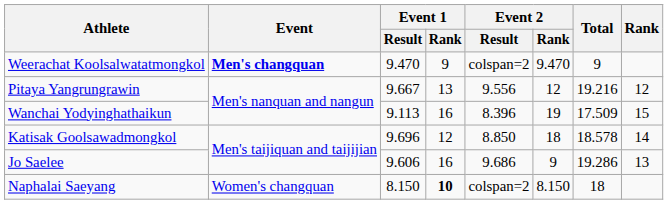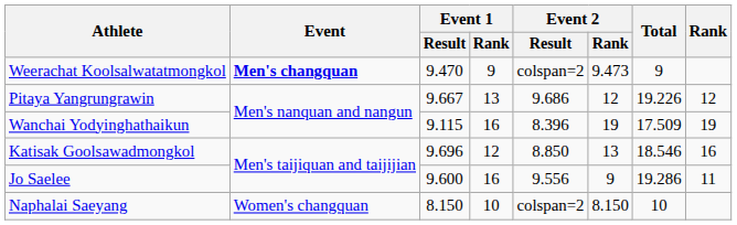 <table class=wikitable style=font-size:90%;text-align:center>
 <tr>
 <th rowspan="2">Athlete</th>
 <th rowspan="2">Event</th>
 <th colspan="2">Event 1</th>
 <th colspan="2">Event 2</th>
 <th rowspan="2">Total</th>
 <th rowspan="2">Rank</th>
 </tr>
 <tr style="font-size:95%">
 <th>Result</th>
 <th>Rank</th>
 <th>Result</th>
 <th>Rank</th>
 </tr>
 <tr>
 <td align=left><a href='#'>Weerachat Koolsalwatatmongkol</a></td>
 <td align=left><strong><a href='#'>Men's changquan</a></strong></td>
 <td>9.470</td>
 <td>9</td>
 <td>colspan=2 </td>
-<td>9.470</td>
+<td>9.473</td>
 <td>9</td>
 </tr>
 <tr>
 <td align=left><a href='#'>Pitaya Yangrungrawin</a></td>
 <td align=left rowspan=2><a href='#'>Men's nanquan and nangun</a></td>
 <td>9.667</td>
 <td>13</td>
-<td>9.556</td>
+<td>9.686</td>
 <td>12</td>
-<td>19.216</td>
+<td>19.226</td>
 <td>12</td>
 </tr>
 <tr>
 <td align=left><a href='#'>Wanchai Yodyinghathaikun</a></td>
-<td>9.113</td>
+<td>9.115</td>
 <td>16</td>
 <td>8.396</td>
 <td>19</td>
 <td>17.509</td>
-<td>15</td>
+<td>19</td>
 </tr>
 <tr>
 <td align=left><a href='#'>Katisak Goolsawadmongkol</a></td>
 <td align=left rowspan=2><a href='#'>Men's taijiquan and taijijian</a></td>
 <td>9.696</td>
 <td>12</td>
 <td>8.850</td>
-<td>18</td>
-<td>18.578</td>
-<td>14</td>
+<td>13</td>
+<td>18.546</td>
+<td>16</td>
 </tr>
 <tr>
 <td align=left><a href='#'>Jo Saelee</a></td>
-<td>9.606</td>
+<td>9.600</td>
 <td>16</td>
-<td>9.686</td>
+<td>9.556</td>
 <td>9</td>
 <td>19.286</td>
-<td>13</td>
+<td>11</td>
 </tr>
 <tr>
 <td align=left><a href='#'>Naphalai Saeyang</a></td>
 <td align=left><a href='#'>Women's changquan</a></td>
 <td>8.150</td>
-<td><strong>10</strong></td>
+<td>10</td>
 <td>colspan=2 </td>
 <td>8.150</td>
-<td>18</td>
+<td>10</td>
 </tr>
 </table>
